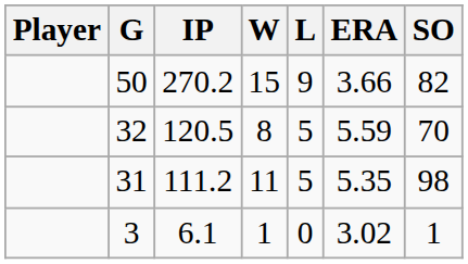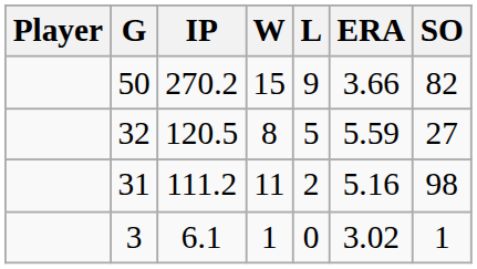 <table class="wikitable sortable" style="text-align:center;">
 <tr>
 <th>Player</th>
 <th>G</th>
 <th>IP</th>
 <th>W</th>
 <th>L</th>
 <th>ERA</th>
 <th>SO</th>
 </tr>
 <tr>
 <td></td>
 <td>50</td>
 <td>270.2</td>
 <td>15</td>
 <td>9</td>
 <td>3.66</td>
 <td>82</td>
 </tr>
 <tr>
 <td></td>
 <td>32</td>
 <td>120.5</td>
 <td>8</td>
 <td>5</td>
 <td>5.59</td>
-<td>70</td>
+<td>27</td>
 </tr>
 <tr>
 <td></td>
 <td>31</td>
 <td>111.2</td>
 <td>11</td>
-<td>5</td>
-<td>5.35</td>
+<td>2</td>
+<td>5.16</td>
 <td>98</td>
 </tr>
 <tr>
 <td></td>
 <td>3</td>
 <td>6.1</td>
 <td>1</td>
 <td>0</td>
 <td>3.02</td>
 <td>1</td>
 </tr>
 </table>
